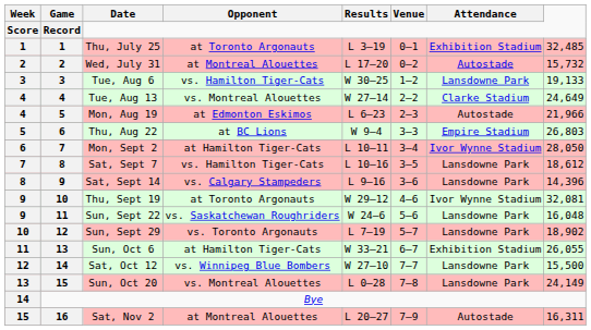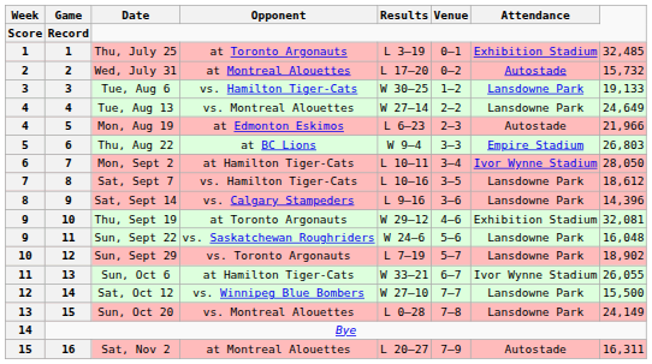 <table class="wikitable" style="text-align:center">
 <tr>
 <th>Week</th>
 <th>Game</th>
 <th>Date</th>
 <th>Opponent</th>
 <th>Results</th>
 <th>Venue</th>
 <th>Attendance</th>
 </tr>
 <tr>
 <th>Score</th>
 <th>Record</th>
 </tr>
 <tr style="background:#ffbbbb">
 <th>1</th>
 <th>1</th>
 <td>Thu, July 25</td>
 <td>at <a href='#'>Toronto Argonauts</a></td>
 <td>L 3–19</td>
 <td>0–1</td>
 <td><a href='#'>Exhibition Stadium</a></td>
 <td>32,485</td>
 </tr>
 <tr style="background:#ffbbbb">
 <th>2</th>
 <th>2</th>
 <td>Wed, July 31</td>
 <td>at <a href='#'>Montreal Alouettes</a></td>
 <td>L 17–20</td>
 <td>0–2</td>
 <td><a href='#'>Autostade</a></td>
 <td>15,732</td>
 </tr>
 <tr style="background:#ddffdd">
 <th>3</th>
 <th>3</th>
 <td>Tue, Aug 6</td>
 <td>vs. <a href='#'>Hamilton Tiger-Cats</a></td>
 <td>W 30–25</td>
 <td>1–2</td>
 <td><a href='#'>Lansdowne Park</a></td>
 <td>19,133</td>
 </tr>
 <tr style="background:#ddffdd">
 <th>4</th>
 <th>4</th>
 <td>Tue, Aug 13</td>
 <td>vs. Montreal Alouettes</td>
 <td>W 27–14</td>
 <td>2–2</td>
-<td><a href='#'>Clarke Stadium</a></td>
+<td>Lansdowne Park</td>
 <td>24,649</td>
 </tr>
 <tr style="background:#ffbbbb">
 <th>4</th>
 <th>5</th>
 <td>Mon, Aug 19</td>
 <td>at <a href='#'>Edmonton Eskimos</a></td>
 <td>L 6–23</td>
 <td>2–3</td>
 <td>Autostade</td>
 <td>21,966</td>
 </tr>
 <tr style="background:#ddffdd">
 <th>5</th>
 <th>6</th>
 <td>Thu, Aug 22</td>
 <td>at <a href='#'>BC Lions</a></td>
 <td>W 9–4</td>
 <td>3–3</td>
 <td><a href='#'>Empire Stadium</a></td>
 <td>26,803</td>
 </tr>
 <tr style="background:#ffbbbb">
 <th>6</th>
 <th>7</th>
 <td>Mon, Sept 2</td>
 <td>at Hamilton Tiger-Cats</td>
 <td>L 10–11</td>
 <td>3–4</td>
 <td><a href='#'>Ivor Wynne Stadium</a></td>
 <td>28,050</td>
 </tr>
 <tr style="background:#ffbbbb">
 <th>7</th>
 <th>8</th>
 <td>Sat, Sept 7</td>
 <td>vs. Hamilton Tiger-Cats</td>
 <td>L 10–16</td>
 <td>3–5</td>
 <td>Lansdowne Park</td>
 <td>18,612</td>
 </tr>
 <tr style="background:#ffbbbb">
 <th>8</th>
 <th>9</th>
 <td>Sat, Sept 14</td>
 <td>vs. <a href='#'>Calgary Stampeders</a></td>
 <td>L 9–16</td>
 <td>3–6</td>
 <td>Lansdowne Park</td>
 <td>14,396</td>
 </tr>
 <tr style="background:#ddffdd">
 <th>9</th>
 <th>10</th>
 <td>Thu, Sept 19</td>
 <td>at Toronto Argonauts</td>
 <td>W 29–12</td>
 <td>4–6</td>
-<td>Ivor Wynne Stadium</td>
+<td>Exhibition Stadium</td>
 <td>32,081</td>
 </tr>
 <tr style="background:#ddffdd">
 <th>9</th>
 <th>11</th>
 <td>Sun, Sept 22</td>
 <td>vs. <a href='#'>Saskatchewan Roughriders</a></td>
 <td>W 24–6</td>
 <td>5–6</td>
 <td>Lansdowne Park</td>
 <td>16,048</td>
 </tr>
 <tr style="background:#ffbbbb">
 <th>10</th>
 <th>12</th>
 <td>Sun, Sept 29</td>
 <td>vs. Toronto Argonauts</td>
 <td>L 7–19</td>
 <td>5–7</td>
 <td>Lansdowne Park</td>
 <td>18,902</td>
 </tr>
 <tr style="background:#ddffdd">
 <th>11</th>
 <th>13</th>
 <td>Sun, Oct 6</td>
 <td>at Hamilton Tiger-Cats</td>
 <td>W 33–21</td>
 <td>6–7</td>
-<td>Exhibition Stadium</td>
+<td>Ivor Wynne Stadium</td>
 <td>26,055</td>
 </tr>
 <tr style="background:#ddffdd">
 <th>12</th>
 <th>14</th>
 <td>Sat, Oct 12</td>
 <td>vs. <a href='#'>Winnipeg Blue Bombers</a></td>
 <td>W 27–10</td>
 <td>7–7</td>
 <td>Lansdowne Park</td>
 <td>15,500</td>
 </tr>
 <tr style="background:#ffbbbb">
 <th>13</th>
 <th>15</th>
 <td>Sun, Oct 20</td>
 <td>vs. Montreal Alouettes</td>
 <td>L 0–28</td>
 <td>7–8</td>
 <td>Lansdowne Park</td>
 <td>24,149</td>
 </tr>
 <tr>
 <th>14</th>
 <td colspan="7"><em><a href='#'>Bye</a></em></td>
 </tr>
 <tr style="background:#ffbbbb">
 <th>15</th>
 <th>16</th>
 <td>Sat, Nov 2</td>
 <td>at Montreal Alouettes</td>
 <td>L 20–27</td>
 <td>7–9</td>
 <td>Autostade</td>
 <td>16,311</td>
 </tr>
 </table>
